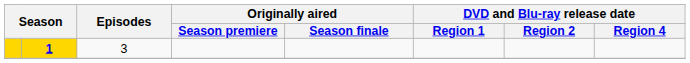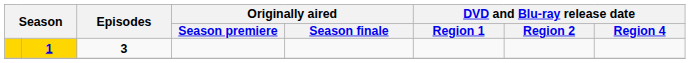 <table class="wikitable" style="text-align:center; width:70%;">
 <tr>
 <th style="padding:0 8px;" colspan="2" rowspan="2">Season</th>
 <th style="padding:0 8px;" rowspan="2">Episodes</th>
 <th colspan="2">Originally aired</th>
 <th colspan="3"><a href='#'>DVD</a> and <a href='#'>Blu-ray</a> release date</th>
 </tr>
 <tr>
 <th style="padding:0 8px;"><a href='#'>Season premiere</a></th>
 <th style="padding:0 8px;"><a href='#'>Season finale</a></th>
 <th style="padding:0 8px;"><a href='#'>Region 1</a></th>
 <th style="padding:0 8px;"><a href='#'>Region 2</a></th>
 <th style="padding:0 8px;"><a href='#'>Region 4</a></th>
 </tr>
 <tr>
 <td width="15px" bgcolor="#FFD700"></td>
 <td style="background: gold;"><strong><a href='#'>1</a></strong></td>
-<td>3</td>
+<td><strong>3</strong></td>
 <td align="center" width="140"></td>
 <td></td>
 <td></td>
 <td></td>
 <td></td>
 </tr>
 <tr>
 </tr>
 </table>
